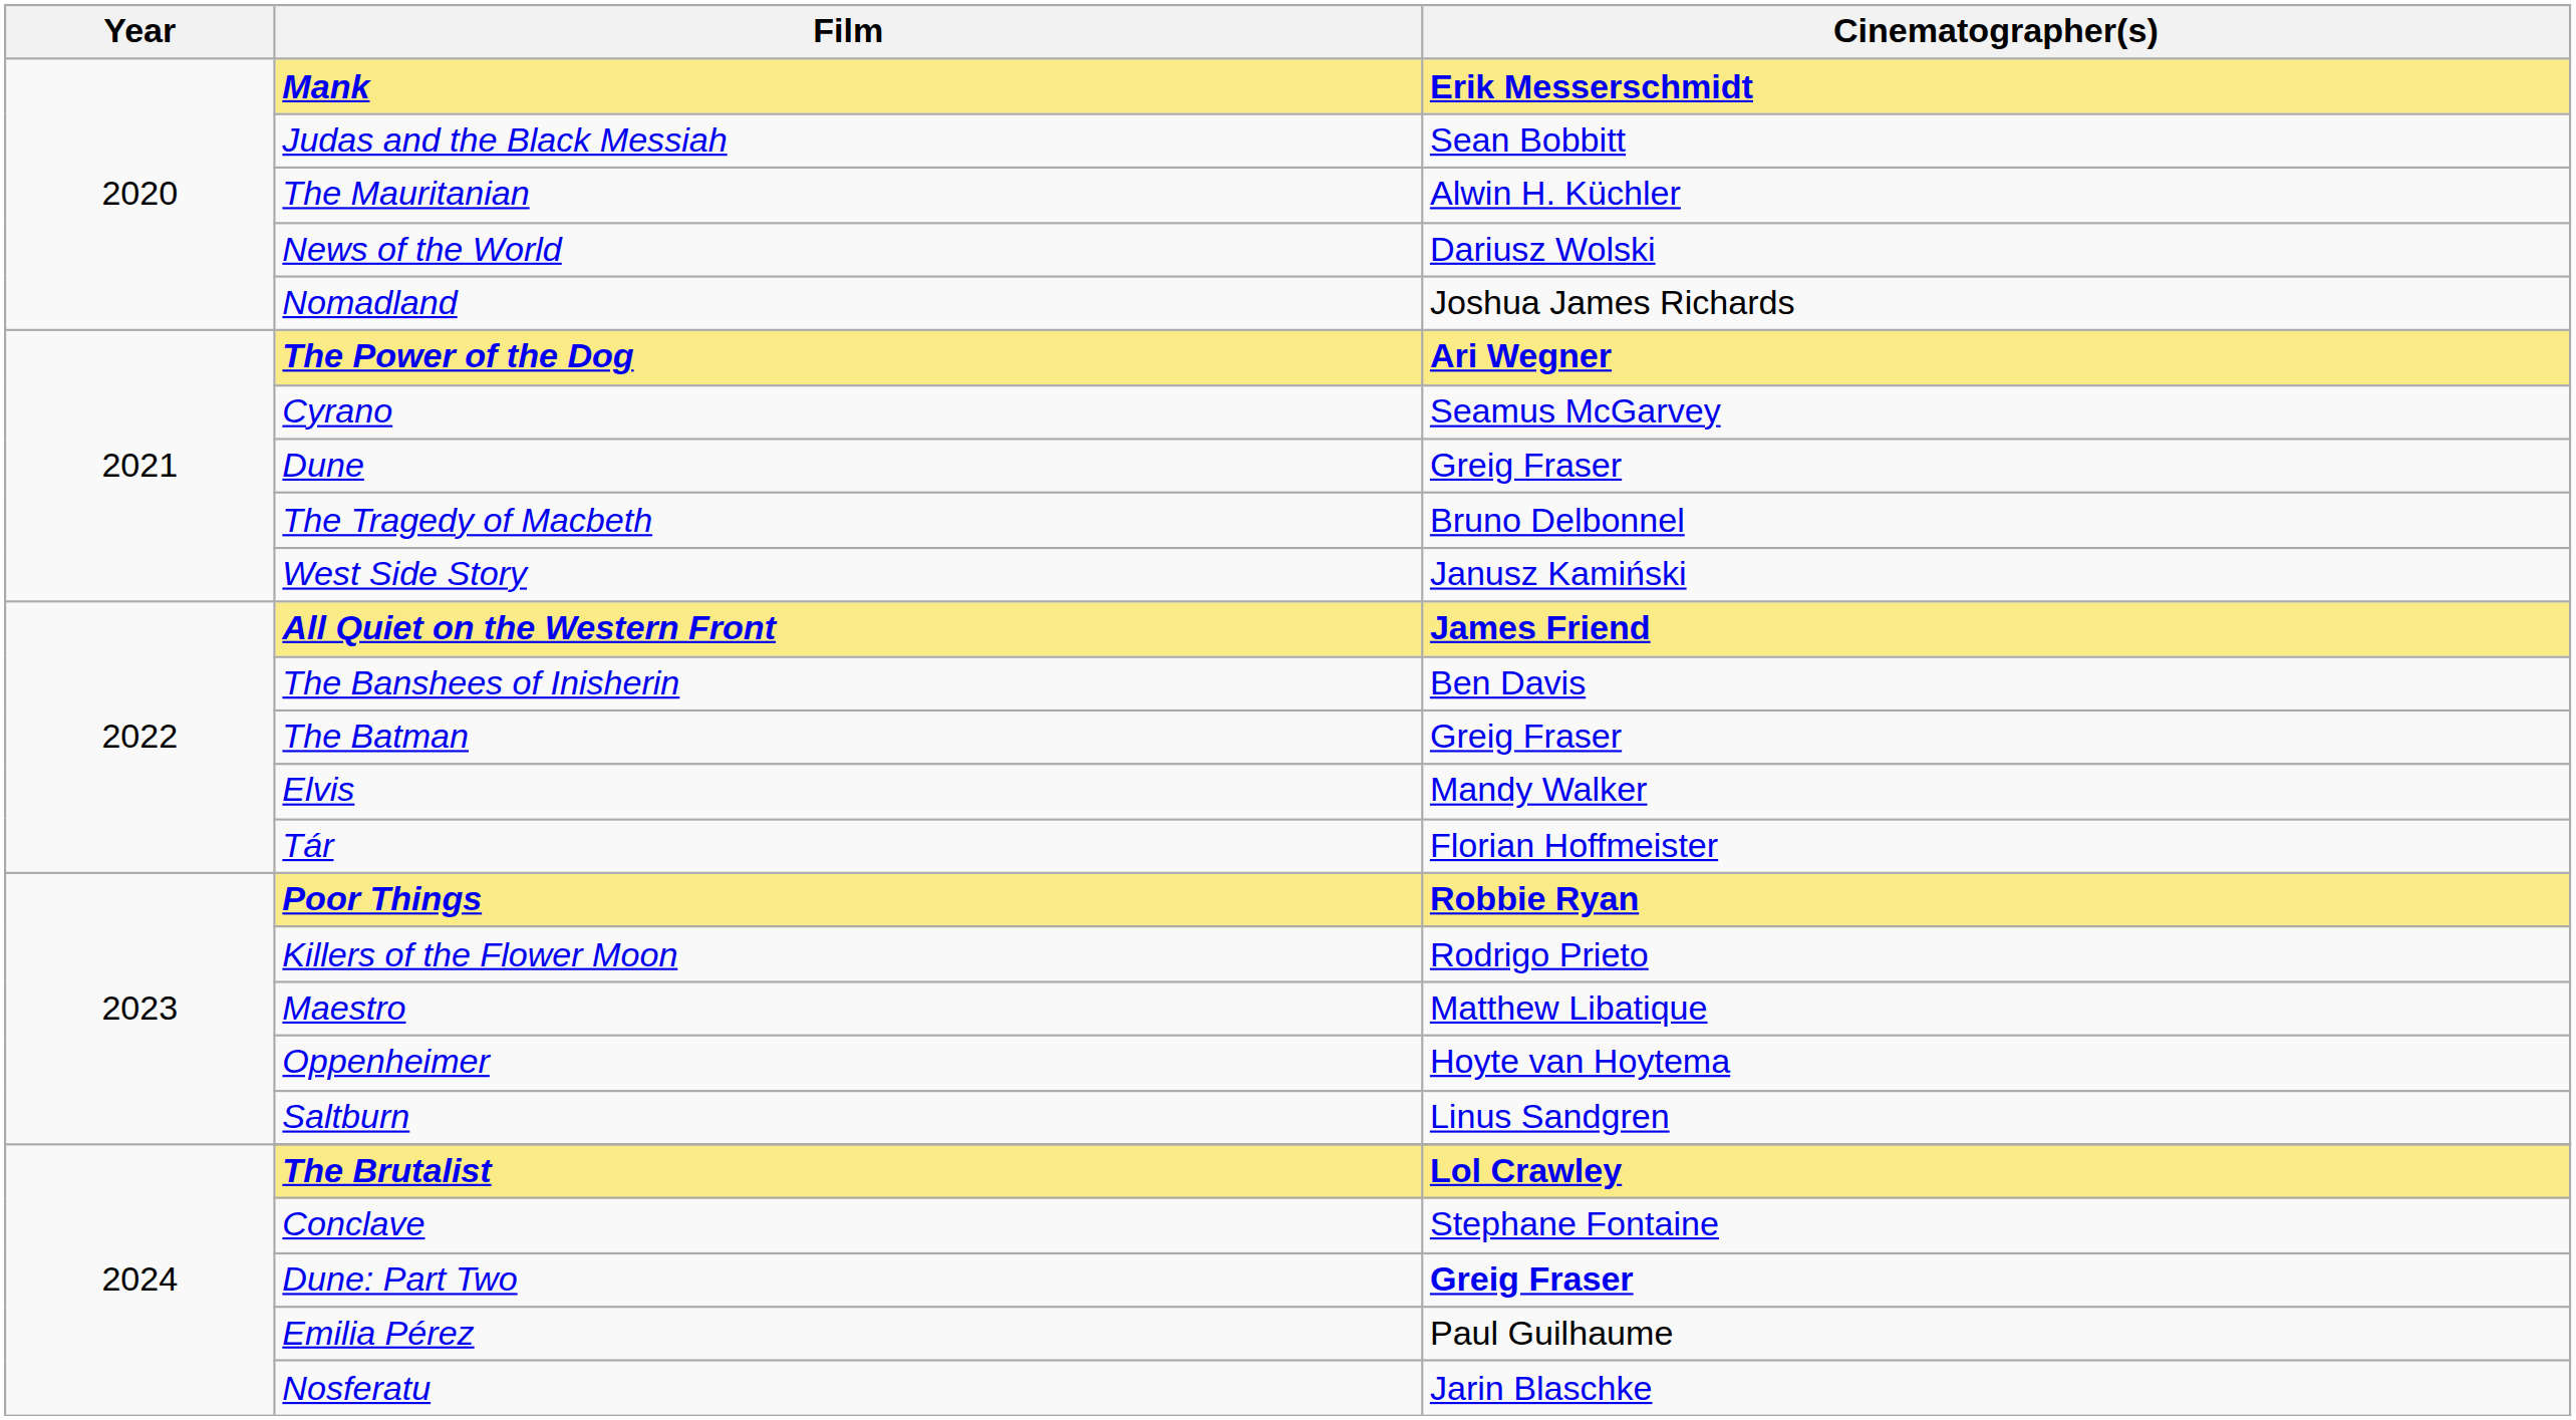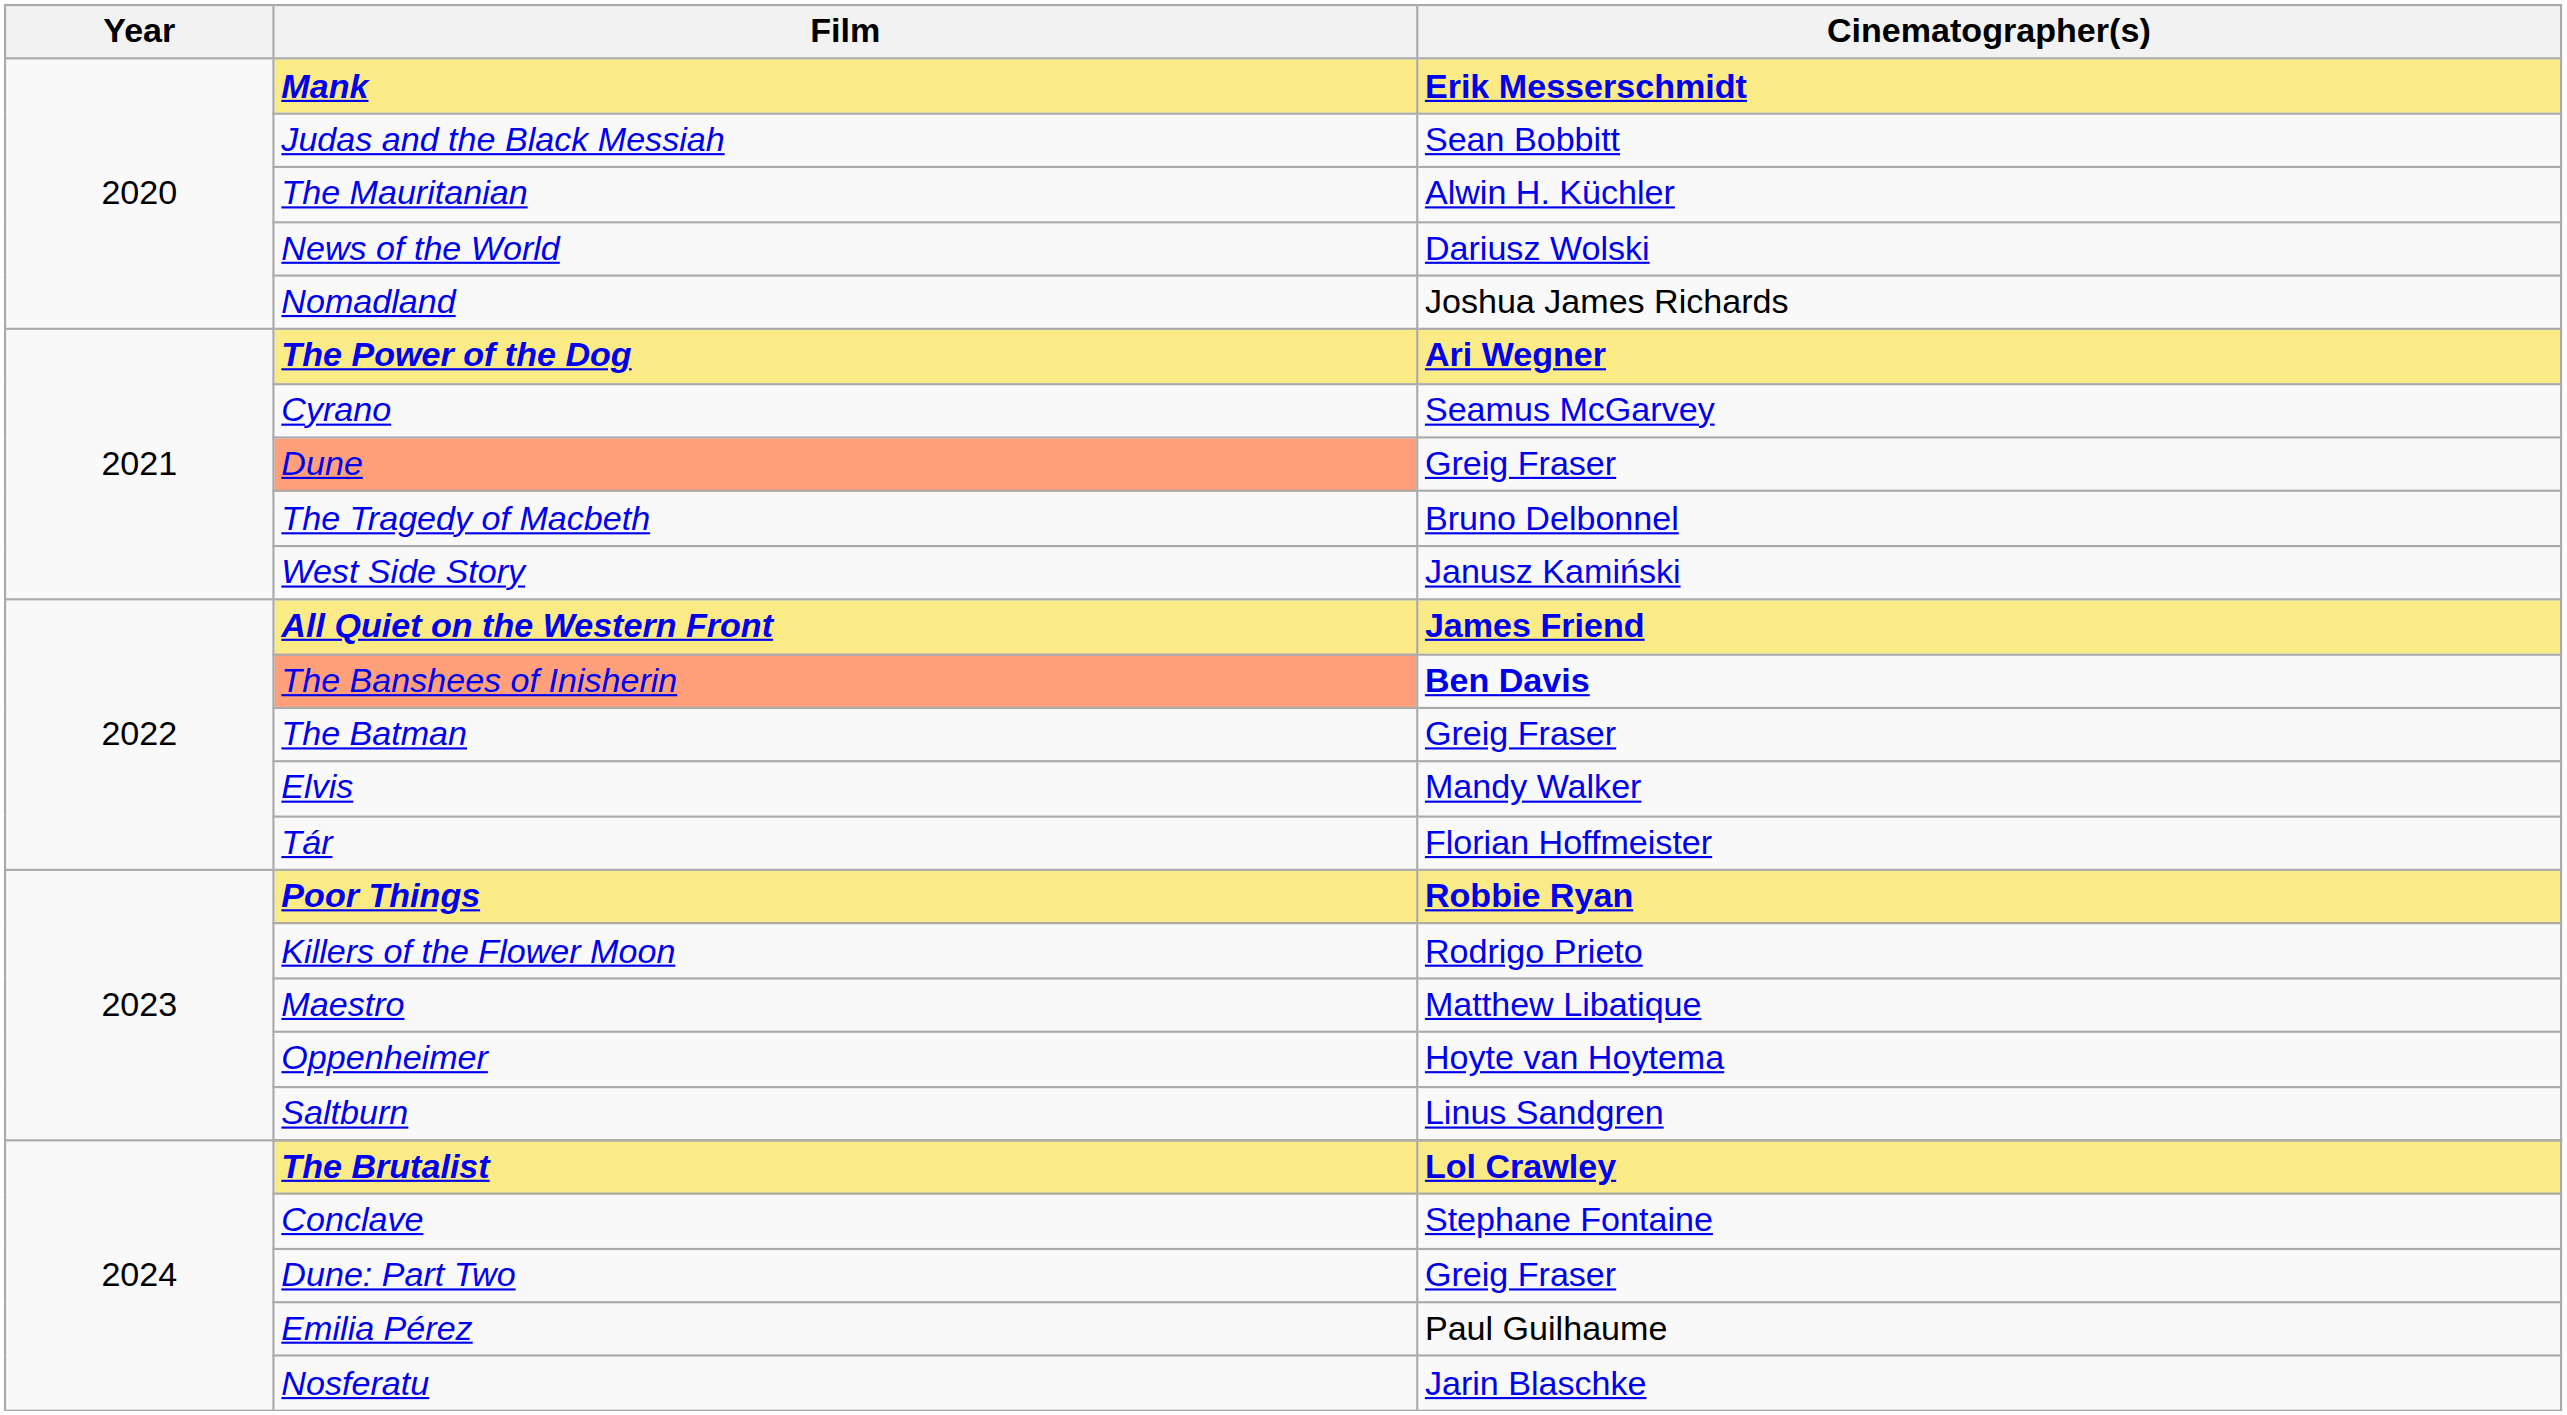 <table class="wikitable" width="95%" cellpadding="5">
 <tr>
 <th width="100"><strong>Year</strong></th>
 <th width="450"><strong>Film</strong></th>
 <th width="450"><strong>Cinematographer(s)</strong></th>
 </tr>
 <tr>
 <td rowspan="5" style="text-align:center;">2020<br></td>
 <td style="background:#FAEB86;"><strong><em><a href='#'>Mank</a></em></strong></td>
 <td style="background:#FAEB86;"><strong><a href='#'>Erik Messerschmidt</a></strong></td>
 </tr>
 <tr>
 <td><em><a href='#'>Judas and the Black Messiah</a></em></td>
 <td><a href='#'>Sean Bobbitt</a></td>
 </tr>
 <tr>
 <td><em><a href='#'>The Mauritanian</a></em></td>
 <td><a href='#'>Alwin H. Küchler</a></td>
 </tr>
 <tr>
 <td><em><a href='#'>News of the World</a></em></td>
 <td><a href='#'>Dariusz Wolski</a></td>
 </tr>
 <tr>
 <td><em><a href='#'>Nomadland</a></em></td>
 <td>Joshua James Richards</td>
 </tr>
 <tr>
 <td rowspan="5" style="text-align:center;">2021<br></td>
 <td style="background:#FAEB86;"><strong><em><a href='#'>The Power of the Dog</a></em></strong></td>
 <td style="background:#FAEB86;"><strong><a href='#'>Ari Wegner</a></strong></td>
 </tr>
 <tr>
 <td><em><a href='#'>Cyrano</a></em></td>
 <td><a href='#'>Seamus McGarvey</a></td>
 </tr>
 <tr>
-<td><em><a href='#'>Dune</a></em></td>
+<td style="background: lightsalmon;"><em><a href='#'>Dune</a></em></td>
 <td><a href='#'>Greig Fraser</a></td>
 </tr>
 <tr>
 <td><em><a href='#'>The Tragedy of Macbeth</a></em></td>
 <td><a href='#'>Bruno Delbonnel</a></td>
 </tr>
 <tr>
 <td><em><a href='#'>West Side Story</a></em></td>
 <td><a href='#'>Janusz Kamiński</a></td>
 </tr>
 <tr>
 <td rowspan="5" style="text-align:center;">2022<br></td>
 <td style="background:#FAEB86;"><strong><em><a href='#'>All Quiet on the Western Front</a></em></strong></td>
 <td style="background:#FAEB86;"><strong><a href='#'>James Friend</a></strong></td>
 </tr>
 <tr>
-<td><em><a href='#'>The Banshees of Inisherin</a></em></td>
-<td><a href='#'>Ben Davis</a></td>
+<td style="background: lightsalmon;"><em><a href='#'>The Banshees of Inisherin</a></em></td>
+<td><strong><a href='#'>Ben Davis</a></strong></td>
 </tr>
 <tr>
 <td><em><a href='#'>The Batman</a></em></td>
 <td><a href='#'>Greig Fraser</a></td>
 </tr>
 <tr>
 <td><em><a href='#'>Elvis</a></em></td>
 <td><a href='#'>Mandy Walker</a></td>
 </tr>
 <tr>
 <td><em><a href='#'>Tár</a></em></td>
 <td><a href='#'>Florian Hoffmeister</a></td>
 </tr>
 <tr>
 <td rowspan="5" style="text-align:center;">2023<br></td>
 <td style="background:#FAEB86;"><strong><em><a href='#'>Poor Things</a></em></strong></td>
 <td style="background:#FAEB86;"><strong><a href='#'>Robbie Ryan</a></strong></td>
 </tr>
 <tr>
 <td><em><a href='#'>Killers of the Flower Moon</a></em></td>
 <td><a href='#'>Rodrigo Prieto</a></td>
 </tr>
 <tr>
 <td><em><a href='#'>Maestro</a></em></td>
 <td><a href='#'>Matthew Libatique</a></td>
 </tr>
 <tr>
 <td><em><a href='#'>Oppenheimer</a></em></td>
 <td><a href='#'>Hoyte van Hoytema</a></td>
 </tr>
 <tr>
 <td><em><a href='#'>Saltburn</a></em></td>
 <td><a href='#'>Linus Sandgren</a></td>
 </tr>
 <tr>
 <td rowspan="6" style="text-align:center;">2024<br></td>
 </tr>
 <tr>
 <td style="background:#FAEB86;"><strong><em><a href='#'>The Brutalist</a></em></strong></td>
 <td style="background:#FAEB86;"><strong><a href='#'>Lol Crawley</a></strong></td>
 </tr>
 <tr>
 <td><em><a href='#'>Conclave</a></em></td>
 <td><a href='#'>Stephane Fontaine</a></td>
 </tr>
 <tr>
 <td><em><a href='#'>Dune: Part Two</a></em></td>
-<td><strong><a href='#'>Greig Fraser</a></strong></td>
+<td><a href='#'>Greig Fraser</a></td>
 </tr>
 <tr>
 <td><em><a href='#'>Emilia Pérez</a></em></td>
 <td>Paul Guilhaume</td>
 </tr>
 <tr>
 <td><em><a href='#'>Nosferatu</a></em></td>
 <td><a href='#'>Jarin Blaschke</a></td>
 </tr>
 <tr>
 </tr>
 </table>
